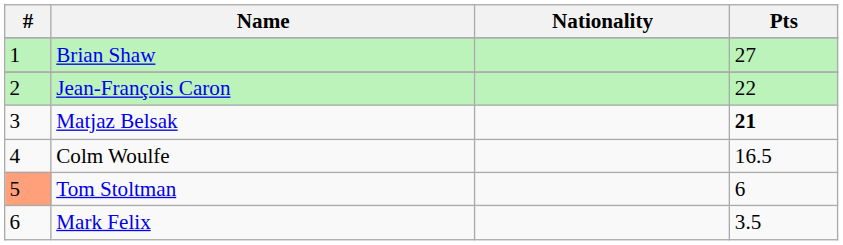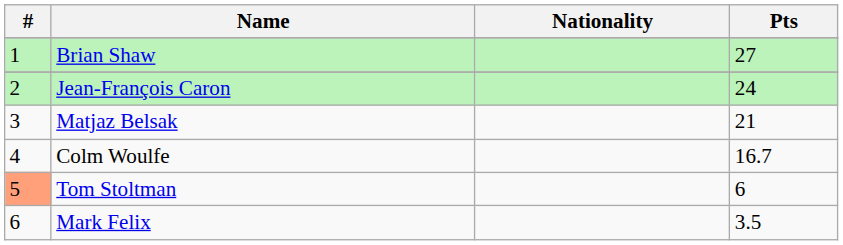 <table class="wikitable" style="display: inline-table; width: 50%;">
 <tr>
 <th>#</th>
 <th>Name</th>
 <th>Nationality</th>
 <th>Pts</th>
 </tr>
 <tr>
 </tr>
 <tr bgcolor=bbf3bb>
 <td>1</td>
 <td><a href='#'>Brian Shaw</a></td>
 <td></td>
 <td>27</td>
 </tr>
 <tr>
 </tr>
 <tr bgcolor=bbf3bb>
 <td>2</td>
 <td><a href='#'>Jean-François Caron</a></td>
 <td></td>
-<td>22</td>
+<td>24</td>
 </tr>
 <tr>
 <td>3</td>
 <td><a href='#'>Matjaz Belsak</a></td>
 <td></td>
-<td><strong>21</strong></td>
+<td>21</td>
 </tr>
 <tr>
 <td>4</td>
 <td>Colm Woulfe</td>
 <td></td>
-<td>16.5</td>
+<td>16.7</td>
 </tr>
 <tr>
 <td style="background: lightsalmon;">5</td>
 <td><a href='#'>Tom Stoltman</a></td>
 <td></td>
 <td>6</td>
 </tr>
 <tr>
 <td>6</td>
 <td><a href='#'>Mark Felix</a></td>
 <td></td>
 <td>3.5</td>
 </tr>
 </table>
